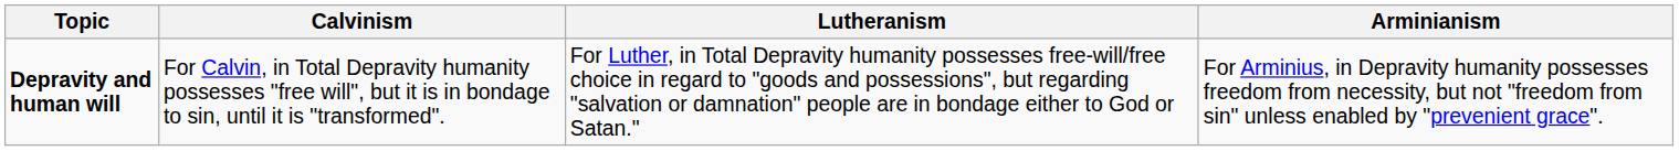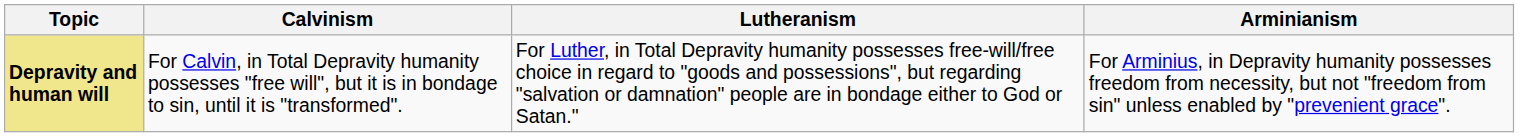 <table class="wikitable">
 <tr>
 <th><strong>Topic</strong></th>
 <th><strong>Calvinism</strong></th>
 <th><strong>Lutheranism</strong></th>
 <th><strong>Arminianism</strong></th>
 </tr>
 <tr>
-<td><strong>Depravity and human will</strong></td>
+<td style="background: khaki;"><strong>Depravity and human will</strong></td>
 <td>For <a href='#'>Calvin</a>, in Total Depravity humanity possesses "free will", but it is in bondage to sin, until it is "transformed".</td>
 <td>For <a href='#'>Luther</a>, in Total Depravity humanity possesses free-will/free choice in regard to "goods and possessions", but regarding "salvation or damnation" people are in bondage either to God or Satan."</td>
 <td>For <a href='#'>Arminius</a>, in Depravity humanity possesses freedom from necessity, but not "freedom from sin" unless enabled by "<a href='#'>prevenient grace</a>".</td>
 </tr>
 </table>
